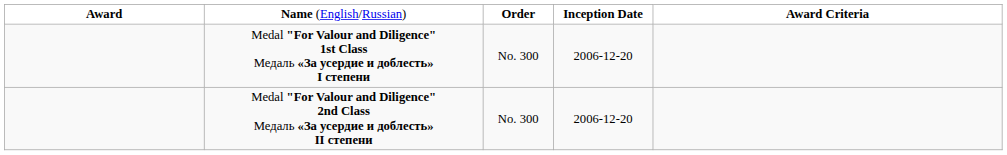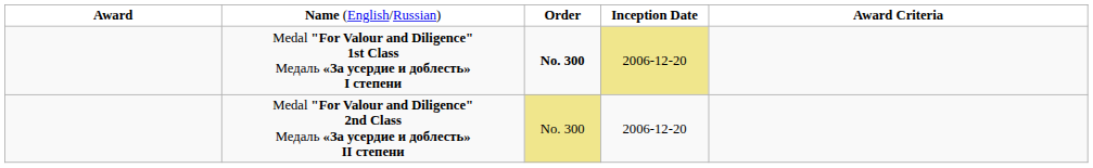 <table class="wikitable sortable" width="100%">
 <tr>
 <td width="20%" bgcolor="#FFFFFF" style="text-align:center;"><strong>Award</strong></td>
 <td width="28%" bgcolor="#FFFFFF" style="text-align:center;"><strong>Name</strong> (<a href='#'>English</a>/<a href='#'>Russian</a>)</td>
 <td width="07%" bgcolor="#FFFFFF" style="text-align:center;"><strong>Order</strong></td>
 <td width="10%" bgcolor="#FFFFFF" style="text-align:center;"><strong>Inception Date</strong></td>
 <td width="35%" bgcolor="#FFFFFF" style="text-align:center;"><strong>Award Criteria</strong></td>
 </tr>
 <tr>
 <td></td>
 <td style="text-align:center;">Medal <strong>"For Valour and Diligence"<br>1st Class</strong><br>Медаль <strong>«За усердие и доблесть»<br>I степени</strong></td>
-<td style="text-align:center;">No. 300</td>
-<td style="text-align:center;">2006-12-20</td>
+<td style="text-align:center;"><strong>No. 300</strong></td>
+<td style="background: khaki; text-align:center;">2006-12-20</td>
 <td style="text-align:center;"></td>
 </tr>
 <tr>
 <td></td>
 <td style="text-align:center;">Medal <strong>"For Valour and Diligence"<br>2nd Class</strong><br>Медаль <strong>«За усердие и доблесть»<br>II степени</strong></td>
-<td style="text-align:center;">No. 300</td>
+<td style="background: khaki; text-align:center;">No. 300</td>
 <td style="text-align:center;">2006-12-20</td>
 <td style="text-align:center;"></td>
 </tr>
 </table>
